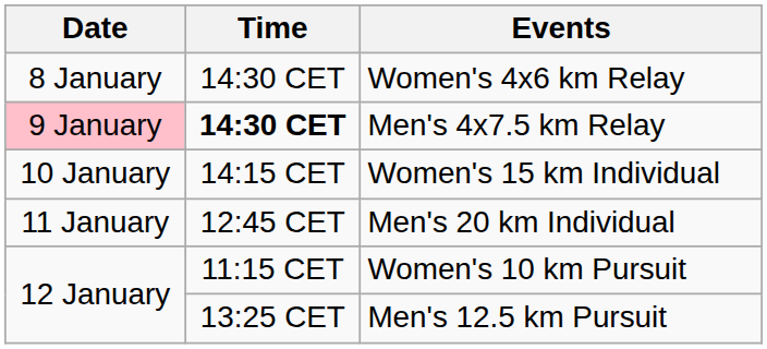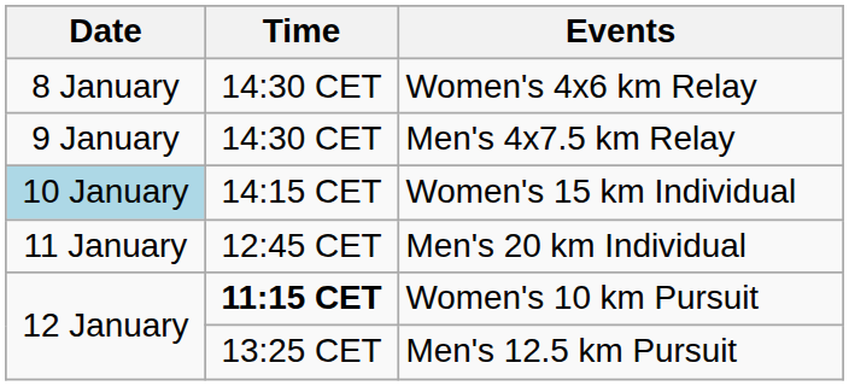 <table class="wikitable" style="text-align: center" width="400">
 <tr>
 <th>Date</th>
 <th>Time</th>
 <th>Events</th>
 </tr>
 <tr>
 <td>8 January</td>
 <td>14:30 CET</td>
 <td style="text-align: left">Women's 4x6 km Relay</td>
 </tr>
 <tr>
-<td style="background: pink;">9 January</td>
-<td><strong>14:30 CET</strong></td>
+<td>9 January</td>
+<td>14:30 CET</td>
 <td style="text-align: left">Men's 4x7.5 km Relay</td>
 </tr>
 <tr>
-<td>10 January</td>
+<td style="background: lightblue;">10 January</td>
 <td>14:15 CET</td>
 <td style="text-align: left">Women's 15 km Individual</td>
 </tr>
 <tr>
 <td>11 January</td>
 <td>12:45 CET</td>
 <td style="text-align: left">Men's 20 km Individual</td>
 </tr>
 <tr>
 <td rowspan=2>12 January</td>
-<td>11:15 CET</td>
+<td><strong>11:15 CET</strong></td>
 <td style="text-align: left">Women's 10 km Pursuit</td>
 </tr>
 <tr>
 <td>13:25 CET</td>
 <td style="text-align: left">Men's 12.5 km Pursuit</td>
 </tr>
 </table>
